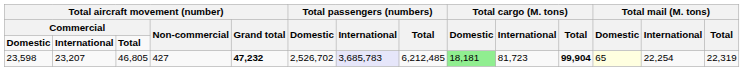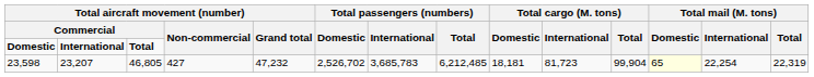 <table class="wikitable">
 <tr>
 <th colspan="5">Total aircraft movement (number)</th>
 <th colspan="3">Total passengers (numbers)</th>
 <th colspan="3">Total cargo (M. tons)</th>
 <th colspan="3">Total mail (M. tons)</th>
 </tr>
 <tr>
 <th colspan="3">Commercial</th>
 <th rowspan="2">Non-commercial</th>
 <th rowspan="2">Grand total</th>
 <th rowspan="2">Domestic</th>
 <th rowspan="2">International</th>
 <th rowspan="2">Total</th>
 <th rowspan="2">Domestic</th>
 <th rowspan="2">International</th>
 <th rowspan="2">Total</th>
 <th rowspan="2">Domestic</th>
 <th rowspan="2">International</th>
 <th rowspan="2">Total</th>
 </tr>
 <tr>
 <td><strong>Domestic</strong></td>
 <td><strong>International</strong></td>
 <td><strong>Total</strong></td>
 </tr>
 <tr>
 <td>23,598</td>
 <td>23,207</td>
 <td>46,805</td>
 <td>427</td>
-<td><strong>47,232</strong></td>
+<td>47,232</td>
 <td>2,526,702</td>
-<td style="background: lavender;">3,685,783</td>
+<td>3,685,783</td>
 <td>6,212,485</td>
-<td style="background: lightgreen;">18,181</td>
+<td>18,181</td>
 <td>81,723</td>
-<td><strong>99,904</strong></td>
+<td>99,904</td>
 <td style="background: lightyellow;">65</td>
 <td>22,254</td>
 <td>22,319</td>
 </tr>
 </table>
